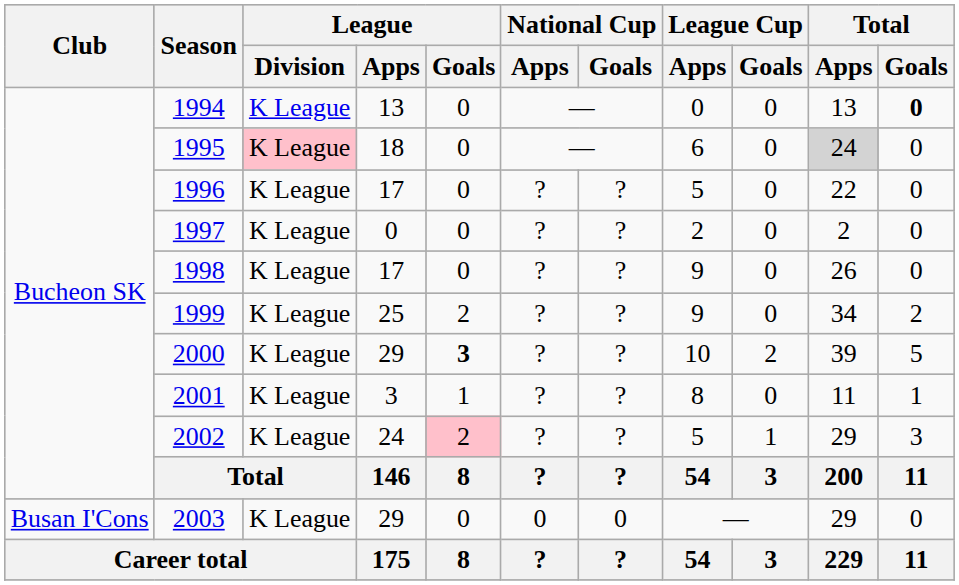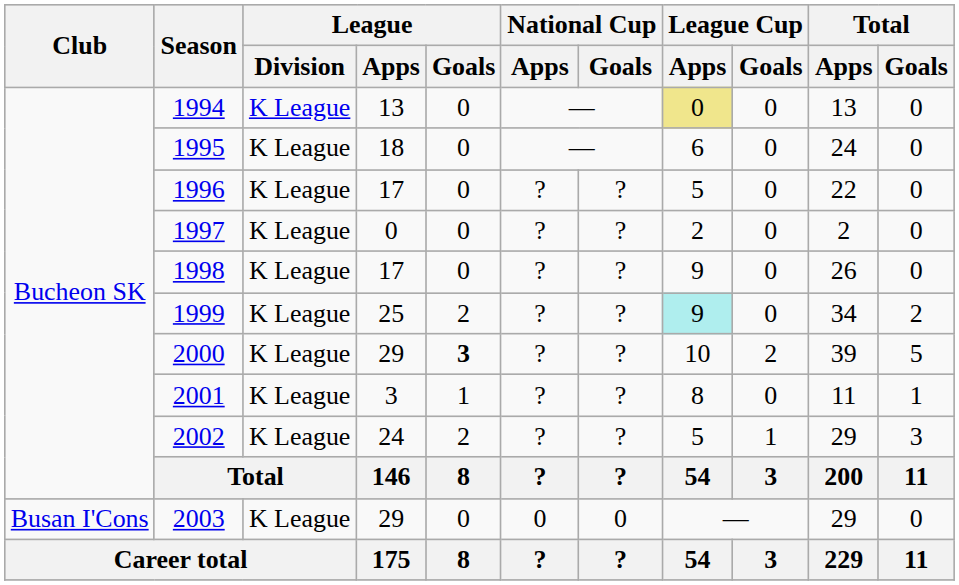 <table class="wikitable" style="text-align:center">
 <tr>
 <th rowspan=2>Club</th>
 <th rowspan=2>Season</th>
 <th colspan=3>League</th>
 <th colspan=2>National Cup</th>
 <th colspan=2>League Cup</th>
 <th colspan=2>Total</th>
 </tr>
 <tr>
 <th>Division</th>
 <th>Apps</th>
 <th>Goals</th>
 <th>Apps</th>
 <th>Goals</th>
 <th>Apps</th>
 <th>Goals</th>
 <th>Apps</th>
 <th>Goals</th>
 </tr>
 <tr>
 <td rowspan="10"><a href='#'>Bucheon SK</a></td>
 <td><a href='#'>1994</a></td>
 <td><a href='#'>K League</a></td>
 <td>13</td>
 <td>0</td>
 <td colspan="2">—</td>
-<td>0</td>
+<td style="background: khaki;">0</td>
 <td>0</td>
 <td>13</td>
-<td><strong>0</strong></td>
+<td>0</td>
 </tr>
 <tr>
 <td><a href='#'>1995</a></td>
-<td style="background: pink;">K League</td>
+<td>K League</td>
 <td>18</td>
 <td>0</td>
 <td colspan="2">—</td>
 <td>6</td>
 <td>0</td>
-<td style="background: lightgrey;">24</td>
+<td>24</td>
 <td>0</td>
 </tr>
 <tr>
 <td><a href='#'>1996</a></td>
 <td>K League</td>
 <td>17</td>
 <td>0</td>
 <td>?</td>
 <td>?</td>
 <td>5</td>
 <td>0</td>
 <td>22</td>
 <td>0</td>
 </tr>
 <tr>
 <td><a href='#'>1997</a></td>
 <td>K League</td>
 <td>0</td>
 <td>0</td>
 <td>?</td>
 <td>?</td>
 <td>2</td>
 <td>0</td>
 <td>2</td>
 <td>0</td>
 </tr>
 <tr>
 <td><a href='#'>1998</a></td>
 <td>K League</td>
 <td>17</td>
 <td>0</td>
 <td>?</td>
 <td>?</td>
 <td>9</td>
 <td>0</td>
 <td>26</td>
 <td>0</td>
 </tr>
 <tr>
 <td><a href='#'>1999</a></td>
 <td>K League</td>
 <td>25</td>
 <td>2</td>
 <td>?</td>
 <td>?</td>
-<td>9</td>
+<td style="background: paleturquoise;">9</td>
 <td>0</td>
 <td>34</td>
 <td>2</td>
 </tr>
 <tr>
 <td><a href='#'>2000</a></td>
 <td>K League</td>
 <td>29</td>
 <td><strong>3</strong></td>
 <td>?</td>
 <td>?</td>
 <td>10</td>
 <td>2</td>
 <td>39</td>
 <td>5</td>
 </tr>
 <tr>
 <td><a href='#'>2001</a></td>
 <td>K League</td>
 <td>3</td>
 <td>1</td>
 <td>?</td>
 <td>?</td>
 <td>8</td>
 <td>0</td>
 <td>11</td>
 <td>1</td>
 </tr>
 <tr>
 <td><a href='#'>2002</a></td>
 <td>K League</td>
 <td>24</td>
-<td style="background: pink;">2</td>
+<td>2</td>
 <td>?</td>
 <td>?</td>
 <td>5</td>
 <td>1</td>
 <td>29</td>
 <td>3</td>
 </tr>
 <tr>
 <th colspan=2>Total</th>
 <th>146</th>
 <th>8</th>
 <th>?</th>
 <th>?</th>
 <th>54</th>
 <th>3</th>
 <th>200</th>
 <th>11</th>
 </tr>
 <tr>
 <td><a href='#'>Busan I'Cons</a></td>
 <td><a href='#'>2003</a></td>
 <td>K League</td>
 <td>29</td>
 <td>0</td>
 <td>0</td>
 <td>0</td>
 <td colspan="2">—</td>
 <td>29</td>
 <td>0</td>
 </tr>
 <tr>
 <th colspan=3>Career total</th>
 <th>175</th>
 <th>8</th>
 <th>?</th>
 <th>?</th>
 <th>54</th>
 <th>3</th>
 <th>229</th>
 <th>11</th>
 </tr>
 </table>
